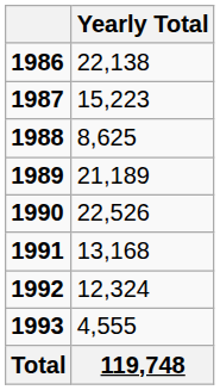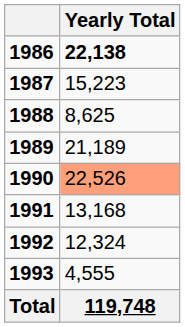 <table class="wikitable">
 <tr>
 <th></th>
 <th>Yearly Total</th>
 </tr>
 <tr>
 <td><strong>1986</strong></td>
-<td>22,138</td>
+<td><strong>22,138</strong></td>
 </tr>
 <tr>
 <td><strong>1987</strong></td>
 <td>15,223</td>
 </tr>
 <tr>
 <td><strong>1988</strong></td>
 <td>8,625</td>
 </tr>
 <tr>
 <td><strong>1989</strong></td>
 <td>21,189</td>
 </tr>
 <tr>
 <td><strong>1990</strong></td>
-<td>22,526</td>
+<td style="background: lightsalmon;">22,526</td>
 </tr>
 <tr>
 <td><strong>1991</strong></td>
 <td>13,168</td>
 </tr>
 <tr>
 <td><strong>1992</strong></td>
 <td>12,324</td>
 </tr>
 <tr>
 <td><strong>1993</strong></td>
 <td>4,555</td>
 </tr>
 <tr>
 <th><strong>Total</strong></th>
 <th><strong><u>119,748</u></strong></th>
 </tr>
 </table>
